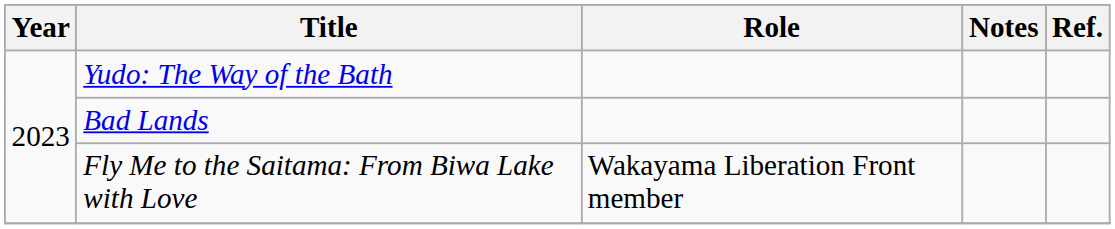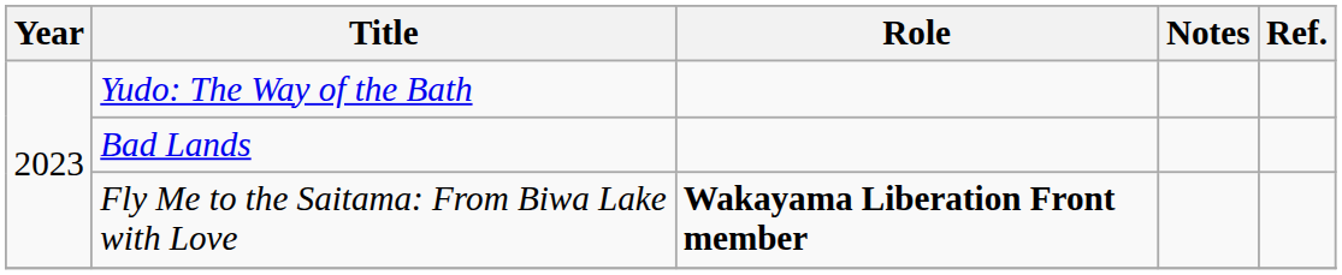 <table class="wikitable">
 <tr>
 <th>Year</th>
 <th>Title</th>
 <th>Role</th>
 <th>Notes</th>
 <th>Ref.</th>
 </tr>
 <tr>
 <td rowspan=3>2023</td>
 <td><em><a href='#'>Yudo: The Way of the Bath</a></em></td>
 <td></td>
 <td></td>
 <td></td>
 </tr>
 <tr>
 <td><em><a href='#'>Bad Lands</a></em></td>
 <td></td>
 <td></td>
 <td></td>
 </tr>
 <tr>
 <td><em>Fly Me to the Saitama: From Biwa Lake with Love</em></td>
-<td>Wakayama Liberation Front member</td>
+<td><strong>Wakayama Liberation Front member</strong></td>
 <td></td>
 <td></td>
 </tr>
 <tr>
 </tr>
 </table>
